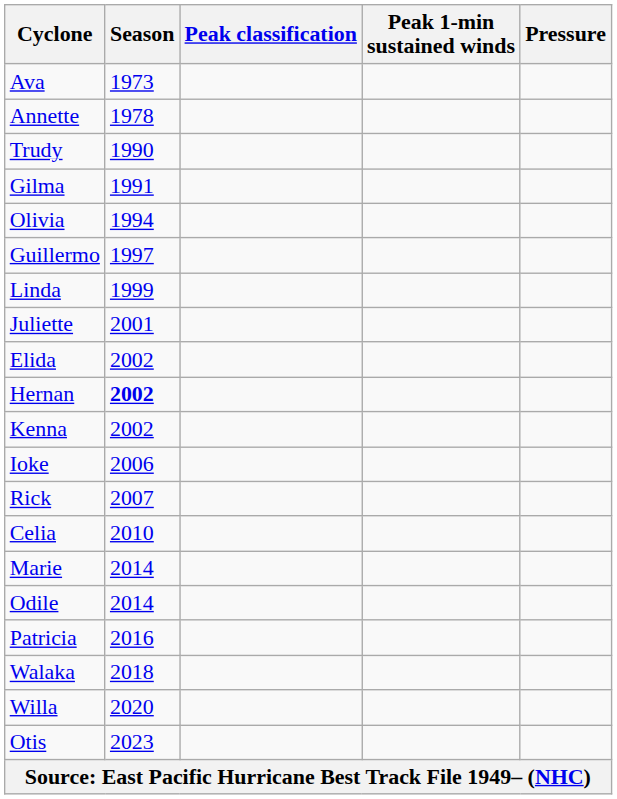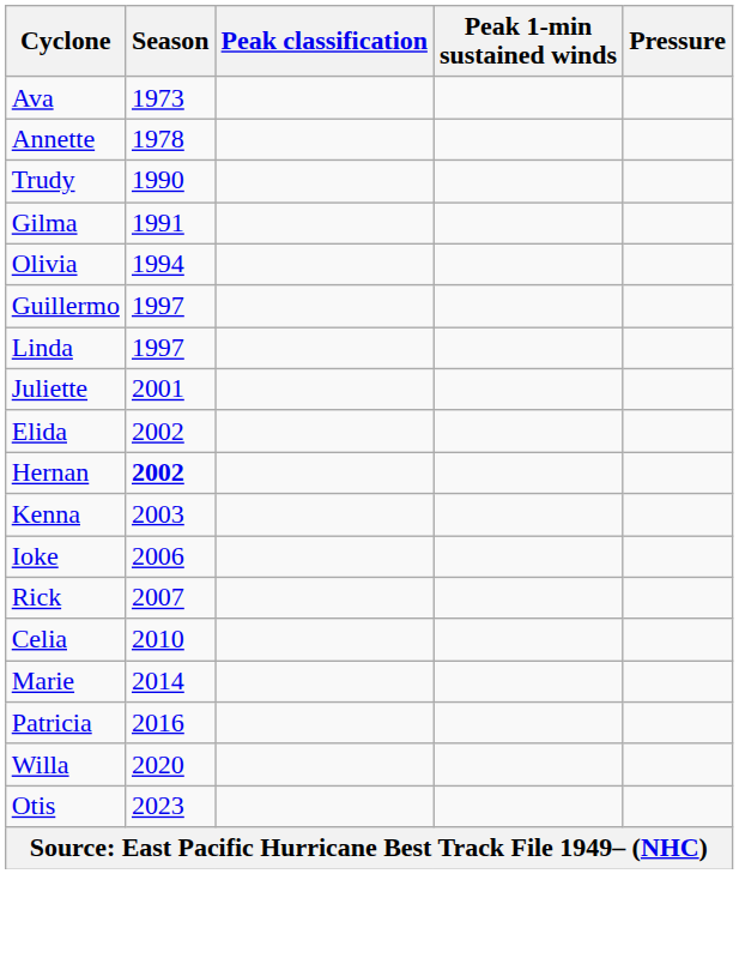 <table class="wikitable sortable">
 <tr>
 <th>Cyclone</th>
 <th>Season</th>
 <th><a href='#'>Peak classification</a></th>
 <th>Peak 1-min<br>sustained winds</th>
 <th>Pressure</th>
 </tr>
 <tr>
 <td><a href='#'>Ava</a></td>
 <td><a href='#'>1973</a></td>
 <td></td>
 <td></td>
 <td></td>
 </tr>
 <tr>
 <td><a href='#'>Annette</a></td>
 <td><a href='#'>1978</a></td>
 <td></td>
 <td></td>
 <td></td>
 </tr>
 <tr>
 <td><a href='#'>Trudy</a></td>
 <td><a href='#'>1990</a></td>
 <td></td>
 <td></td>
 <td></td>
 </tr>
 <tr>
 <td><a href='#'>Gilma</a></td>
 <td><a href='#'>1991</a></td>
 <td></td>
 <td></td>
 <td></td>
 </tr>
 <tr>
 <td><a href='#'>Olivia</a></td>
 <td><a href='#'>1994</a></td>
 <td></td>
 <td></td>
 <td></td>
 </tr>
 <tr>
 <td><a href='#'>Guillermo</a></td>
 <td><a href='#'>1997</a></td>
 <td></td>
 <td></td>
 <td></td>
 </tr>
 <tr>
 <td><a href='#'>Linda</a></td>
-<td><a href='#'>1999</a></td>
+<td><a href='#'>1997</a></td>
 <td></td>
 <td></td>
 <td></td>
 </tr>
 <tr>
 <td><a href='#'>Juliette</a></td>
 <td><a href='#'>2001</a></td>
 <td></td>
 <td></td>
 <td></td>
 </tr>
 <tr>
 <td><a href='#'>Elida</a></td>
 <td><a href='#'>2002</a></td>
 <td></td>
 <td></td>
 <td></td>
 </tr>
 <tr>
 <td><a href='#'>Hernan</a></td>
 <td><strong><a href='#'>2002</a></strong></td>
 <td></td>
 <td></td>
 <td></td>
 </tr>
 <tr>
 <td><a href='#'>Kenna</a></td>
-<td><a href='#'>2002</a></td>
+<td><a href='#'>2003</a></td>
 <td></td>
 <td></td>
 <td></td>
 </tr>
 <tr>
 <td><a href='#'>Ioke</a></td>
 <td><a href='#'>2006</a></td>
 <td></td>
 <td></td>
 <td></td>
 </tr>
 <tr>
 <td><a href='#'>Rick</a></td>
 <td><a href='#'>2007</a></td>
 <td></td>
 <td></td>
 <td></td>
 </tr>
 <tr>
 <td><a href='#'>Celia</a></td>
 <td><a href='#'>2010</a></td>
 <td></td>
 <td></td>
 <td></td>
 </tr>
 <tr>
 <td><a href='#'>Marie</a></td>
 <td><a href='#'>2014</a></td>
 <td></td>
 <td></td>
 <td></td>
 </tr>
 <tr>
-<td><a href='#'>Odile</a></td>
-<td><a href='#'>2014</a></td>
-<td></td>
-<td></td>
-<td></td>
-</tr>
-<tr>
 <td><a href='#'>Patricia</a></td>
 <td><a href='#'>2016</a></td>
-<td></td>
-<td></td>
-<td></td>
-</tr>
-<tr>
-<td><a href='#'>Walaka</a></td>
-<td><a href='#'>2018</a></td>
 <td></td>
 <td></td>
 <td></td>
 </tr>
 <tr>
 <td><a href='#'>Willa</a></td>
 <td><a href='#'>2020</a></td>
 <td></td>
 <td></td>
 <td></td>
 </tr>
 <tr>
 <td><a href='#'>Otis</a></td>
 <td><a href='#'>2023</a></td>
 <td></td>
 <td></td>
 <td></td>
 </tr>
 <tr class="small">
 <th colspan="5">Source: East Pacific Hurricane Best Track File 1949– (<a href='#'>NHC</a>) </th>
 </tr>
 </table>
